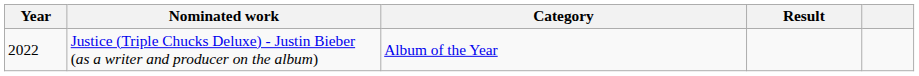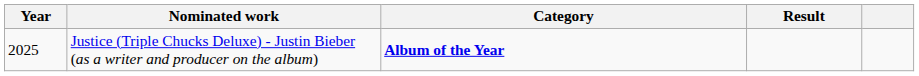 <table class="wikitable" style="width:75%;">
 <tr>
 <th width="6%" scope="col">Year</th>
 <th width="30%" scope="col">Nominated work</th>
 <th width="35%" scope="col">Category</th>
 <th width="11%" scope="col">Result</th>
 <th width="5%" scope="col"></th>
 </tr>
 <tr>
-<td>2022</td>
+<td>2025</td>
 <td><a href='#'> Justice (Triple Chucks Deluxe) - Justin Bieber</a> <span>(<em>as a writer and producer on the album</em>)</span></td>
-<td><a href='#'> Album of the Year</a></td>
+<td><strong><a href='#'> Album of the Year</a></strong></td>
 <td></td>
 <td></td>
 </tr>
 </table>
